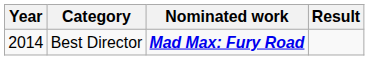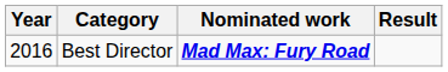 <table class="wikitable">
 <tr>
 <th>Year</th>
 <th>Category</th>
 <th>Nominated work</th>
 <th>Result</th>
 </tr>
 <tr>
-<td>2014</td>
+<td>2016</td>
 <td>Best Director</td>
 <td><strong><em><a href='#'>Mad Max: Fury Road</a></em></strong></td>
 <td></td>
 </tr>
 </table>
